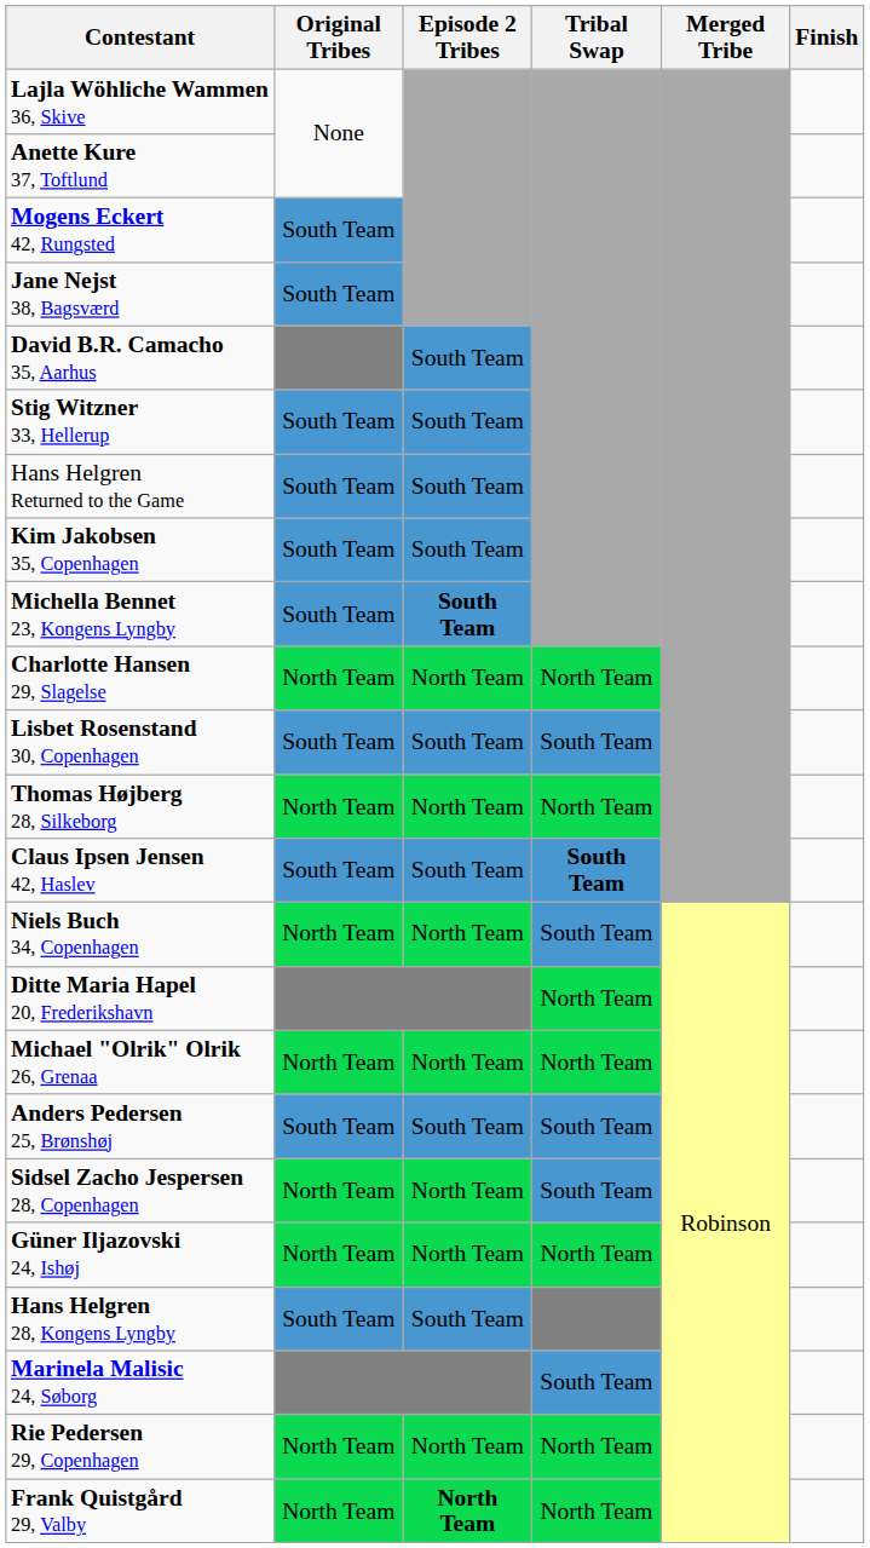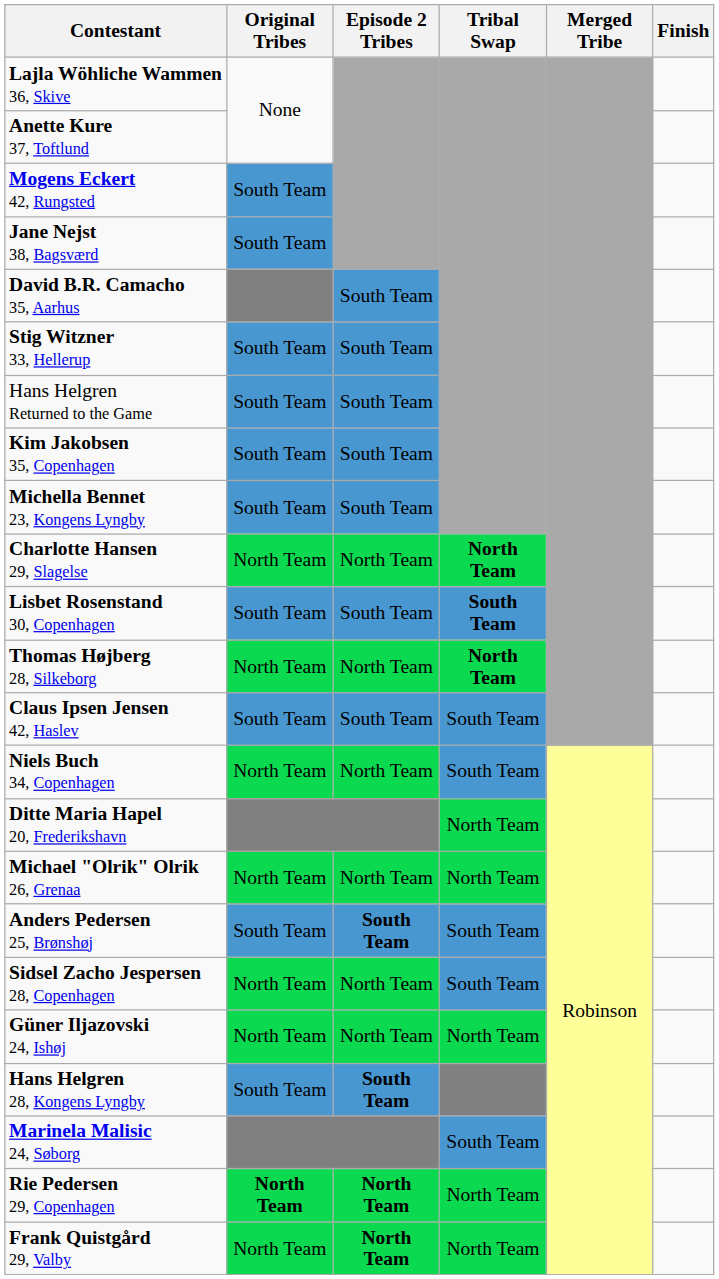 <table class="wikitable sortable" style="margin:auto; text-align:center">
 <tr>
 <th>Contestant</th>
 <th width=80>Original<br>Tribes</th>
 <th width=80>Episode 2<br>Tribes</th>
 <th width=80>Tribal<br>Swap</th>
 <th width=80>Merged<br>Tribe</th>
 <th>Finish</th>
 </tr>
 <tr>
 <td align="left"><strong>Lajla Wöhliche Wammen</strong><br><small>36, <a href='#'>Skive</a></small></td>
 <td rowspan=2>None</td>
 <td bgcolor="darkgray" rowspan="4"></td>
 <td bgcolor="darkgray" rowspan="9"></td>
 <td bgcolor="darkgray" rowspan="13"></td>
 <td></td>
 </tr>
 <tr>
 <td align="left"><strong>Anette Kure</strong><br><small>37, <a href='#'>Toftlund</a></small></td>
 <td></td>
 </tr>
 <tr>
 <td align="left"><strong><a href='#'>Mogens Eckert</a></strong><br><small>42, <a href='#'>Rungsted</a></small></td>
 <td align="center" bgcolor="#4997D0">South Team</td>
 <td></td>
 </tr>
 <tr>
 <td align="left"><strong>Jane Nejst</strong><br><small>38, <a href='#'>Bagsværd</a></small></td>
 <td align="center" bgcolor="#4997D0">South Team</td>
 <td></td>
 </tr>
 <tr>
 <td align="left"><strong>David B.R. Camacho</strong><br><small>35, <a href='#'>Aarhus</a></small></td>
 <td align="center" bgcolor="gray" rowspan=1></td>
 <td align="center" bgcolor="#4997D0">South Team</td>
 <td></td>
 </tr>
 <tr>
 <td align="left"><strong>Stig Witzner</strong><br><small>33, <a href='#'>Hellerup</a></small></td>
 <td align="center" bgcolor="#4997D0">South Team</td>
 <td align="center" bgcolor="#4997D0">South Team</td>
 <td></td>
 </tr>
 <tr>
 <td align="left">Hans Helgren<br><small>Returned to the Game</small></td>
 <td align="center" bgcolor="#4997D0">South Team</td>
 <td align="center" bgcolor="#4997D0">South Team</td>
 <td></td>
 </tr>
 <tr>
 <td align="left"><strong>Kim Jakobsen</strong><br><small>35, <a href='#'>Copenhagen</a></small></td>
 <td align="center" bgcolor="#4997D0">South Team</td>
 <td align="center" bgcolor="#4997D0">South Team</td>
 <td></td>
 </tr>
 <tr>
 <td align="left"><strong>Michella Bennet</strong><br><small>23, <a href='#'>Kongens Lyngby</a></small></td>
 <td align="center" bgcolor="#4997D0">South Team</td>
-<td align="center" bgcolor="#4997D0"><strong>South Team</strong></td>
+<td align="center" bgcolor="#4997D0">South Team</td>
 <td></td>
 </tr>
 <tr>
 <td align="left"><strong>Charlotte Hansen</strong><br><small>29, <a href='#'>Slagelse</a></small></td>
 <td align="center" bgcolor="#0BDA51">North Team</td>
 <td align="center" bgcolor="#0BDA51">North Team</td>
-<td align="center" bgcolor="#0BDA51">North Team</td>
+<td align="center" bgcolor="#0BDA51"><strong>North Team</strong></td>
 <td></td>
 </tr>
 <tr>
 <td align="left"><strong>Lisbet Rosenstand</strong><br><small>30, <a href='#'>Copenhagen</a></small></td>
 <td align="center" bgcolor="#4997D0">South Team</td>
 <td align="center" bgcolor="#4997D0">South Team</td>
-<td align="center" bgcolor="#4997D0">South Team</td>
+<td align="center" bgcolor="#4997D0"><strong>South Team</strong></td>
 <td></td>
 </tr>
 <tr>
 <td align="left"><strong>Thomas Højberg</strong><br><small>28, <a href='#'>Silkeborg</a></small></td>
 <td align="center" bgcolor="#0BDA51">North Team</td>
 <td align="center" bgcolor="#0BDA51">North Team</td>
-<td align="center" bgcolor="#0BDA51">North Team</td>
+<td align="center" bgcolor="#0BDA51"><strong>North Team</strong></td>
 <td></td>
 </tr>
 <tr>
 <td align="left"><strong>Claus Ipsen Jensen</strong><br><small>42, <a href='#'>Haslev</a></small></td>
 <td align="center" bgcolor="#4997D0">South Team</td>
 <td align="center" bgcolor="#4997D0">South Team</td>
-<td align="center" bgcolor="#4997D0"><strong>South Team</strong></td>
+<td align="center" bgcolor="#4997D0">South Team</td>
 <td></td>
 </tr>
 <tr>
 <td align="left"><strong>Niels Buch</strong><br><small>34, <a href='#'>Copenhagen</a></small></td>
 <td align="center" bgcolor="#0BDA51">North Team</td>
 <td align="center" bgcolor="#0BDA51">North Team</td>
 <td align="center" bgcolor="#4997D0">South Team</td>
 <td align="center" bgcolor="#FFFF99" rowspan=10>Robinson</td>
 <td></td>
 </tr>
 <tr>
 <td align="left"><strong>Ditte Maria Hapel</strong><br><small>20, <a href='#'>Frederikshavn</a></small></td>
 <td align="center" bgcolor="gray" colspan=2></td>
 <td align="center" bgcolor="#0BDA51">North Team</td>
 <td></td>
 </tr>
 <tr>
 <td align="left"><strong>Michael "Olrik" Olrik</strong><br><small>26, <a href='#'>Grenaa</a></small></td>
 <td align="center" bgcolor="#0BDA51">North Team</td>
 <td align="center" bgcolor="#0BDA51">North Team</td>
 <td align="center" bgcolor="#0BDA51">North Team</td>
 <td></td>
 </tr>
 <tr>
 <td align="left"><strong>Anders Pedersen</strong><br><small>25, <a href='#'>Brønshøj</a></small></td>
 <td align="center" bgcolor="#4997D0">South Team</td>
-<td align="center" bgcolor="#4997D0">South Team</td>
+<td align="center" bgcolor="#4997D0"><strong>South Team</strong></td>
 <td align="center" bgcolor="#4997D0">South Team</td>
 <td></td>
 </tr>
 <tr>
 <td align="left"><strong>Sidsel Zacho Jespersen</strong><br><small>28, <a href='#'>Copenhagen</a></small></td>
 <td align="center" bgcolor="#0BDA51">North Team</td>
 <td align="center" bgcolor="#0BDA51">North Team</td>
 <td align="center" bgcolor="#4997D0">South Team</td>
 <td></td>
 </tr>
 <tr>
 <td align="left"><strong>Güner Iljazovski</strong><br><small>24, <a href='#'>Ishøj</a></small></td>
 <td align="center" bgcolor="#0BDA51">North Team</td>
 <td align="center" bgcolor="#0BDA51">North Team</td>
 <td align="center" bgcolor="#0BDA51">North Team</td>
 <td></td>
 </tr>
 <tr>
 <td align="left"><strong>Hans Helgren</strong><br><small>28, <a href='#'>Kongens Lyngby</a></small></td>
 <td align="center" bgcolor="#4997D0">South Team</td>
-<td align="center" bgcolor="#4997D0">South Team</td>
+<td align="center" bgcolor="#4997D0"><strong>South Team</strong></td>
 <td align="center" bgcolor="gray"></td>
 <td></td>
 </tr>
 <tr>
 <td align="left"><strong><a href='#'>Marinela Malisic</a></strong><br><small>24, <a href='#'>Søborg</a></small></td>
 <td align="center" bgcolor="gray" colspan=2></td>
 <td align="center" bgcolor="#4997D0">South Team</td>
 <td></td>
 </tr>
 <tr>
 <td align="left"><strong>Rie Pedersen</strong><br><small>29, <a href='#'>Copenhagen</a></small></td>
-<td align="center" bgcolor="#0BDA51">North Team</td>
-<td align="center" bgcolor="#0BDA51">North Team</td>
+<td align="center" bgcolor="#0BDA51"><strong>North Team</strong></td>
+<td align="center" bgcolor="#0BDA51"><strong>North Team</strong></td>
 <td align="center" bgcolor="#0BDA51">North Team</td>
 <td></td>
 </tr>
 <tr>
 <td align="left"><strong>Frank Quistgård</strong><br><small>29, <a href='#'>Valby</a></small></td>
 <td align="center" bgcolor="#0BDA51">North Team</td>
 <td align="center" bgcolor="#0BDA51"><strong>North Team</strong></td>
 <td align="center" bgcolor="#0BDA51">North Team</td>
 <td></td>
 </tr>
 </table>
